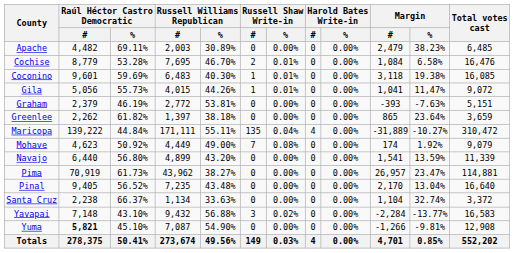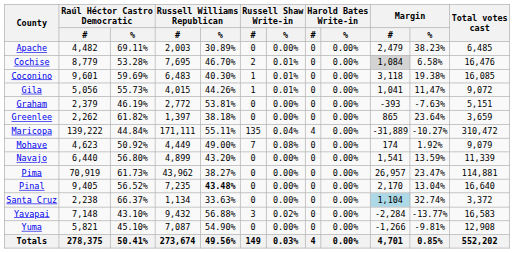 <table class="wikitable sortable">
 <tr>
 <th rowspan="2">County</th>
 <th style="text-align:center;" colspan="2">Raúl Héctor Castro<br>Democratic</th>
 <th style="text-align:center;" colspan="2">Russell Williams<br>Republican</th>
 <th style="text-align:center;" colspan="2">Russell Shaw<br>Write-in</th>
 <th style="text-align:center;" colspan="2">Harold Bates<br>Write-in</th>
 <th style="text-align:center;" colspan="2">Margin</th>
 <th style="text-align:center;" rowspan="2">Total votes<br>cast</th>
 </tr>
 <tr>
 <th style="text-align:center;" data-sort-type="number">#</th>
 <th style="text-align:center;" data-sort-type="number">%</th>
 <th style="text-align:center;" data-sort-type="number">#</th>
 <th style="text-align:center;" data-sort-type="number">%</th>
 <th style="text-align:center;" data-sort-type="number">#</th>
 <th style="text-align:center;" data-sort-type="number">%</th>
 <th style="text-align:center;" data-sort-type="number">#</th>
 <th style="text-align:center;" data-sort-type="number">%</th>
 <th style="text-align:center;" data-sort-type="number">#</th>
 <th style="text-align:center;" data-sort-type="number">%</th>
 </tr>
 <tr style="text-align:center;">
 <td><a href='#'>Apache</a></td>
 <td>4,482</td>
 <td>69.11%</td>
 <td>2,003</td>
 <td>30.89%</td>
 <td>0</td>
 <td>0.00%</td>
 <td>0</td>
 <td>0.00%</td>
 <td>2,479</td>
 <td>38.23%</td>
 <td>6,485</td>
 </tr>
 <tr style="text-align:center;">
 <td><a href='#'>Cochise</a></td>
 <td>8,779</td>
 <td>53.28%</td>
 <td>7,695</td>
 <td>46.70%</td>
 <td>2</td>
 <td>0.01%</td>
 <td>0</td>
 <td>0.00%</td>
-<td>1,084</td>
+<td style="background: lightgrey;">1,084</td>
 <td>6.58%</td>
 <td>16,476</td>
 </tr>
 <tr style="text-align:center;">
 <td><a href='#'>Coconino</a></td>
 <td>9,601</td>
 <td>59.69%</td>
 <td>6,483</td>
 <td>40.30%</td>
 <td>1</td>
 <td>0.01%</td>
 <td>0</td>
 <td>0.00%</td>
 <td>3,118</td>
 <td>19.38%</td>
 <td>16,085</td>
 </tr>
 <tr style="text-align:center;">
 <td><a href='#'>Gila</a></td>
 <td>5,056</td>
 <td>55.73%</td>
 <td>4,015</td>
 <td>44.26%</td>
 <td>1</td>
 <td>0.01%</td>
 <td>0</td>
 <td>0.00%</td>
 <td>1,041</td>
 <td>11,47%</td>
 <td>9,072</td>
 </tr>
 <tr style="text-align:center;">
 <td><a href='#'>Graham</a></td>
 <td>2,379</td>
 <td>46.19%</td>
 <td>2,772</td>
 <td>53.81%</td>
 <td>0</td>
 <td>0.00%</td>
 <td>0</td>
 <td>0.00%</td>
 <td>-393</td>
 <td>-7.63%</td>
 <td>5,151</td>
 </tr>
 <tr style="text-align:center;">
 <td><a href='#'>Greenlee</a></td>
 <td>2,262</td>
 <td>61.82%</td>
 <td>1,397</td>
 <td>38.18%</td>
 <td>0</td>
 <td>0.00%</td>
 <td>0</td>
 <td>0.00%</td>
 <td>865</td>
 <td>23.64%</td>
 <td>3,659</td>
 </tr>
 <tr style="text-align:center;">
 <td><a href='#'>Maricopa</a></td>
 <td>139,222</td>
 <td>44.84%</td>
 <td>171,111</td>
 <td>55.11%</td>
 <td>135</td>
 <td>0.04%</td>
 <td>4</td>
 <td>0.00%</td>
 <td>-31,889</td>
 <td>-10.27%</td>
 <td>310,472</td>
 </tr>
 <tr style="text-align:center;">
 <td><a href='#'>Mohave</a></td>
 <td>4,623</td>
 <td>50.92%</td>
 <td>4,449</td>
 <td>49.00%</td>
 <td>7</td>
 <td>0.08%</td>
 <td>0</td>
 <td>0.00%</td>
 <td>174</td>
 <td>1.92%</td>
 <td>9,079</td>
 </tr>
 <tr style="text-align:center;">
 <td><a href='#'>Navajo</a></td>
 <td>6,440</td>
 <td>56.80%</td>
 <td>4,899</td>
 <td>43.20%</td>
 <td>0</td>
 <td>0.00%</td>
 <td>0</td>
 <td>0.00%</td>
 <td>1,541</td>
 <td>13.59%</td>
 <td>11,339</td>
 </tr>
 <tr style="text-align:center;">
 <td><a href='#'>Pima</a></td>
 <td>70,919</td>
 <td>61.73%</td>
 <td>43,962</td>
 <td>38.27%</td>
 <td>0</td>
 <td>0.00%</td>
 <td>0</td>
 <td>0.00%</td>
 <td>26,957</td>
 <td>23.47%</td>
 <td>114,881</td>
 </tr>
 <tr style="text-align:center;">
 <td><a href='#'>Pinal</a></td>
 <td>9,405</td>
 <td>56.52%</td>
 <td>7,235</td>
-<td>43.48%</td>
+<td><strong>43.48%</strong></td>
 <td>0</td>
 <td>0.00%</td>
 <td>0</td>
 <td>0.00%</td>
 <td>2,170</td>
 <td>13.04%</td>
 <td>16,640</td>
 </tr>
 <tr style="text-align:center;">
 <td><a href='#'>Santa Cruz</a></td>
 <td>2,238</td>
 <td>66.37%</td>
 <td>1,134</td>
 <td>33.63%</td>
 <td>0</td>
 <td>0.00%</td>
 <td>0</td>
 <td>0.00%</td>
-<td>1,104</td>
+<td style="background: lightblue;">1,104</td>
 <td>32.74%</td>
 <td>3,372</td>
 </tr>
 <tr style="text-align:center;">
 <td><a href='#'>Yavapai</a></td>
 <td>7,148</td>
 <td>43.10%</td>
 <td>9,432</td>
 <td>56.88%</td>
 <td>3</td>
 <td>0.02%</td>
 <td>0</td>
 <td>0.00%</td>
 <td>-2,284</td>
 <td>-13.77%</td>
 <td>16,583</td>
 </tr>
 <tr style="text-align:center;">
 <td><a href='#'>Yuma</a></td>
-<td><strong>5,821</strong></td>
+<td>5,821</td>
 <td>45.10%</td>
 <td>7,087</td>
 <td>54.90%</td>
 <td>0</td>
 <td>0.00%</td>
 <td>0</td>
 <td>0.00%</td>
 <td>-1,266</td>
 <td>-9.81%</td>
 <td>12,908</td>
 </tr>
 <tr style="text-align:center;">
 <th>Totals</th>
 <th>278,375</th>
 <th>50.41%</th>
 <th>273,674</th>
 <th>49.56%</th>
 <th>149</th>
 <th>0.03%</th>
 <th>4</th>
 <th>0.00%</th>
 <th>4,701</th>
 <th>0.85%</th>
 <th>552,202</th>
 </tr>
 </table>
